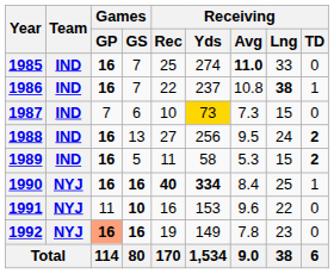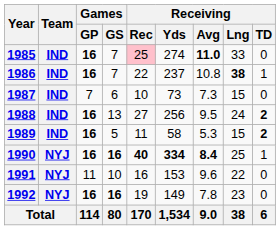 <table class="wikitable" style="text-align:center">
 <tr>
 <th rowspan="2">Year</th>
 <th rowspan="2">Team</th>
 <th colspan="2">Games</th>
 <th colspan="5">Receiving</th>
 </tr>
 <tr>
 <th>GP</th>
 <th>GS</th>
 <th>Rec</th>
 <th>Yds</th>
 <th>Avg</th>
 <th>Lng</th>
 <th>TD</th>
 </tr>
 <tr>
 <th><a href='#'>1985</a></th>
 <th><a href='#'>IND</a></th>
 <td><strong>16</strong></td>
 <td>7</td>
-<td>25</td>
+<td style="background: pink;">25</td>
 <td>274</td>
 <td><strong>11.0</strong></td>
 <td>33</td>
 <td>0</td>
 </tr>
 <tr>
 <th><a href='#'>1986</a></th>
 <th><a href='#'>IND</a></th>
 <td><strong>16</strong></td>
 <td>7</td>
 <td>22</td>
 <td>237</td>
 <td>10.8</td>
 <td><strong>38</strong></td>
 <td>1</td>
 </tr>
 <tr>
 <th><a href='#'>1987</a></th>
 <th><a href='#'>IND</a></th>
 <td>7</td>
 <td>6</td>
 <td>10</td>
-<td style="background: gold;">73</td>
+<td>73</td>
 <td>7.3</td>
 <td>15</td>
 <td>0</td>
 </tr>
 <tr>
 <th><a href='#'>1988</a></th>
 <th><a href='#'>IND</a></th>
 <td><strong>16</strong></td>
 <td>13</td>
 <td>27</td>
 <td>256</td>
 <td>9.5</td>
 <td>24</td>
 <td><strong>2</strong></td>
 </tr>
 <tr>
 <th><a href='#'>1989</a></th>
 <th><a href='#'>IND</a></th>
 <td><strong>16</strong></td>
 <td>5</td>
 <td>11</td>
 <td>58</td>
 <td>5.3</td>
 <td>15</td>
 <td><strong>2</strong></td>
 </tr>
 <tr>
 <th><a href='#'>1990</a></th>
 <th><a href='#'>NYJ</a></th>
 <td><strong>16</strong></td>
 <td><strong>16</strong></td>
 <td><strong>40</strong></td>
 <td><strong>334</strong></td>
-<td>8.4</td>
+<td><strong>8.4</strong></td>
 <td>25</td>
 <td>1</td>
 </tr>
 <tr>
 <th><a href='#'>1991</a></th>
 <th><a href='#'>NYJ</a></th>
 <td>11</td>
-<td><strong>10</strong></td>
+<td>10</td>
 <td>16</td>
 <td>153</td>
 <td>9.6</td>
 <td>22</td>
 <td>0</td>
 </tr>
 <tr>
 <th><a href='#'>1992</a></th>
 <th><a href='#'>NYJ</a></th>
-<td style="background: lightsalmon;"><strong>16</strong></td>
+<td><strong>16</strong></td>
 <td><strong>16</strong></td>
 <td>19</td>
 <td>149</td>
 <td>7.8</td>
 <td>23</td>
 <td>0</td>
 </tr>
 <tr>
 <th colspan="2">Total</th>
 <th>114</th>
 <th>80</th>
 <th>170</th>
 <th>1,534</th>
 <th>9.0</th>
 <th>38</th>
 <th>6</th>
 </tr>
 </table>
